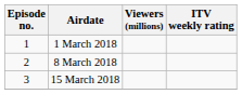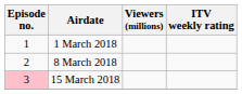 <table class="wikitable" style="text-align:center">
 <tr>
 <th scope="col">Episode<br>no.</th>
 <th scope="col">Airdate</th>
 <th scope="col">Viewers<br><small>(millions)</small></th>
 <th scope="col">ITV<br>weekly rating</th>
 </tr>
 <tr>
 <td>1</td>
 <td>1 March 2018</td>
 <td></td>
 <td></td>
 </tr>
 <tr>
 <td>2</td>
 <td>8 March 2018</td>
 <td></td>
 <td></td>
 </tr>
 <tr>
-<td>3</td>
+<td style="background: pink;">3</td>
 <td>15 March 2018</td>
 <td></td>
 <td></td>
 </tr>
 <tr>
 </tr>
 </table>
